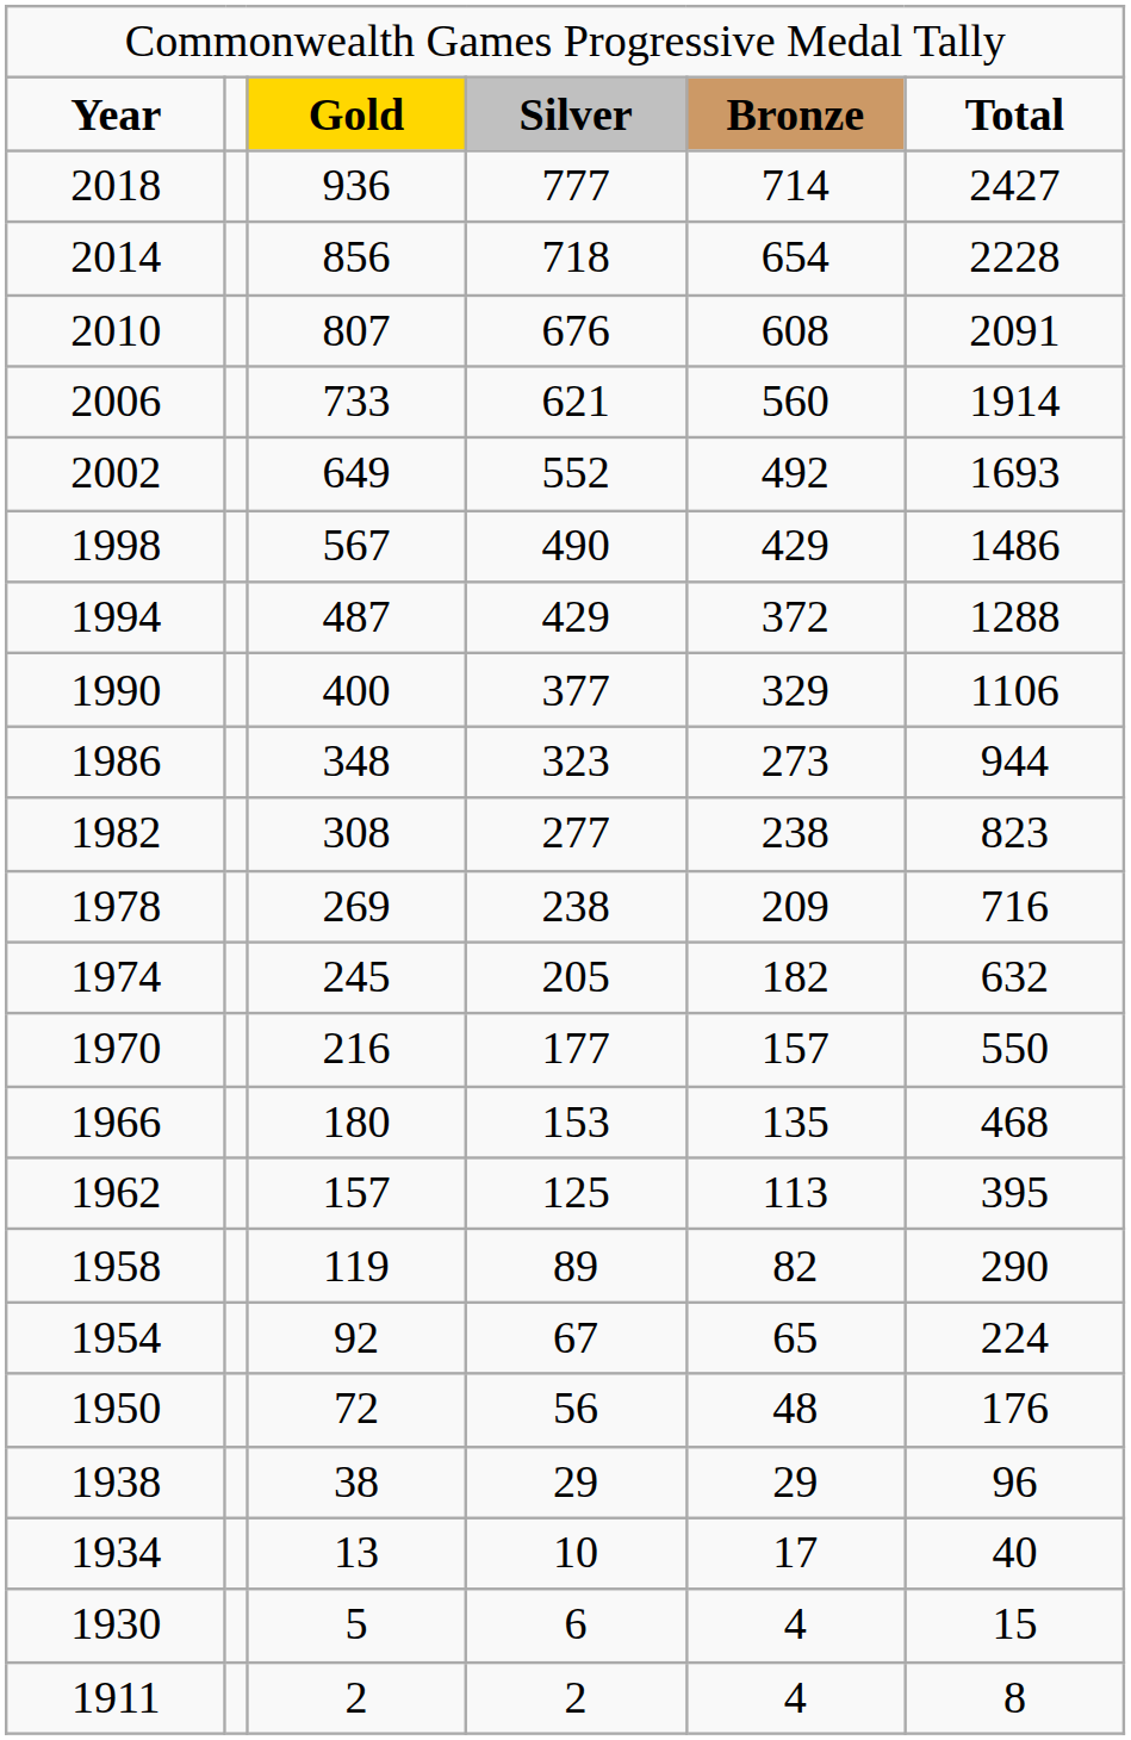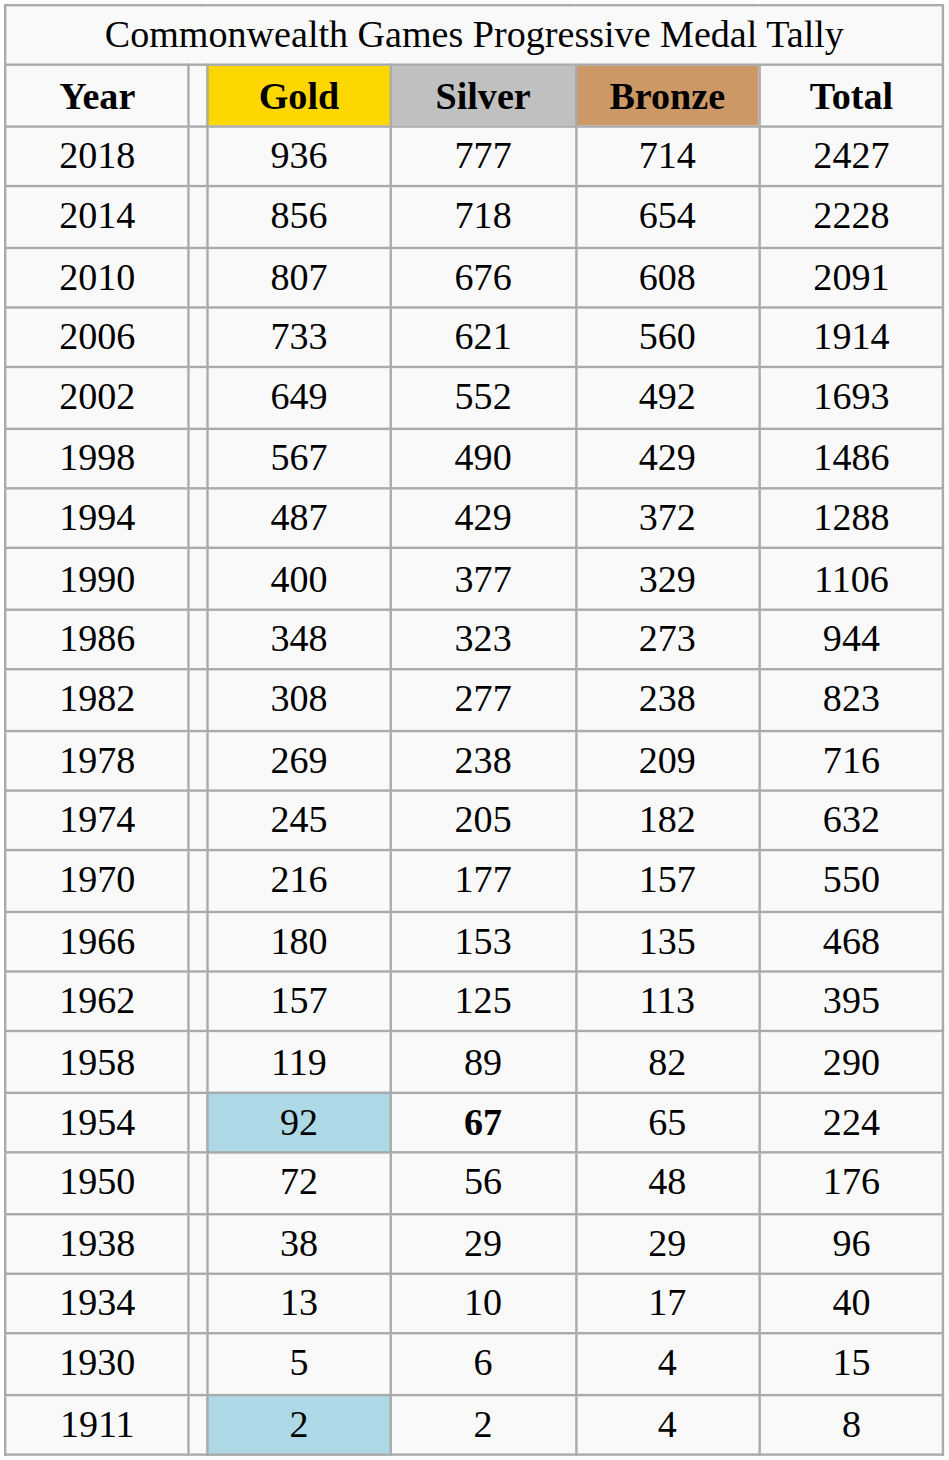 <table class="wikitable" style="text-align:center">
 <tr>
 <td colspan="6">Commonwealth Games Progressive Medal Tally</td>
 </tr>
 <tr>
 <td width="70" align="center"><strong>Year</strong></td>
 <td></td>
 <td width="70" align="center" bgcolor="gold"> <strong>Gold</strong></td>
 <td width="70" align="center" bgcolor="silver"> <strong>Silver</strong></td>
 <td width="70" align="center" bgcolor="cc9966"> <strong>Bronze</strong></td>
 <td width="70" align="center"><strong>Total</strong></td>
 </tr>
 <tr>
 <td>2018</td>
 <td></td>
 <td>936</td>
 <td>777</td>
 <td>714</td>
 <td>2427</td>
 </tr>
 <tr>
 <td>2014</td>
 <td></td>
 <td>856</td>
 <td>718</td>
 <td>654</td>
 <td>2228</td>
 </tr>
 <tr>
 <td>2010</td>
 <td></td>
 <td>807</td>
 <td>676</td>
 <td>608</td>
 <td>2091</td>
 </tr>
 <tr>
 <td>2006</td>
 <td></td>
 <td>733</td>
 <td>621</td>
 <td>560</td>
 <td>1914</td>
 </tr>
 <tr>
 <td>2002</td>
 <td></td>
 <td>649</td>
 <td>552</td>
 <td>492</td>
 <td>1693</td>
 </tr>
 <tr>
 <td>1998</td>
 <td></td>
 <td>567</td>
 <td>490</td>
 <td>429</td>
 <td>1486</td>
 </tr>
 <tr>
 <td>1994</td>
 <td></td>
 <td>487</td>
 <td>429</td>
 <td>372</td>
 <td>1288</td>
 </tr>
 <tr>
 <td>1990</td>
 <td></td>
 <td>400</td>
 <td>377</td>
 <td>329</td>
 <td>1106</td>
 </tr>
 <tr>
 <td>1986</td>
 <td></td>
 <td>348</td>
 <td>323</td>
 <td>273</td>
 <td>944</td>
 </tr>
 <tr>
 <td>1982</td>
 <td></td>
 <td>308</td>
 <td>277</td>
 <td>238</td>
 <td>823</td>
 </tr>
 <tr>
 <td>1978</td>
 <td></td>
 <td>269</td>
 <td>238</td>
 <td>209</td>
 <td>716</td>
 </tr>
 <tr>
 <td>1974</td>
 <td></td>
 <td>245</td>
 <td>205</td>
 <td>182</td>
 <td>632</td>
 </tr>
 <tr>
 <td>1970</td>
 <td></td>
 <td>216</td>
 <td>177</td>
 <td>157</td>
 <td>550</td>
 </tr>
 <tr>
 <td>1966</td>
 <td></td>
 <td>180</td>
 <td>153</td>
 <td>135</td>
 <td>468</td>
 </tr>
 <tr>
 <td>1962</td>
 <td></td>
 <td>157</td>
 <td>125</td>
 <td>113</td>
 <td>395</td>
 </tr>
 <tr>
 <td>1958</td>
 <td></td>
 <td>119</td>
 <td>89</td>
 <td>82</td>
 <td>290</td>
 </tr>
 <tr>
 <td>1954</td>
 <td></td>
-<td>92</td>
-<td>67</td>
+<td style="background: lightblue;">92</td>
+<td><strong>67</strong></td>
 <td>65</td>
 <td>224</td>
 </tr>
 <tr>
 <td>1950</td>
 <td></td>
 <td>72</td>
 <td>56</td>
 <td>48</td>
 <td>176</td>
 </tr>
 <tr>
 <td>1938</td>
 <td></td>
 <td>38</td>
 <td>29</td>
 <td>29</td>
 <td>96</td>
 </tr>
 <tr>
 <td>1934</td>
 <td></td>
 <td>13</td>
 <td>10</td>
 <td>17</td>
 <td>40</td>
 </tr>
 <tr>
 <td>1930</td>
 <td></td>
 <td>5</td>
 <td>6</td>
 <td>4</td>
 <td>15</td>
 </tr>
 <tr>
 <td>1911</td>
 <td></td>
-<td>2</td>
+<td style="background: lightblue;">2</td>
 <td>2</td>
 <td>4</td>
 <td>8</td>
 </tr>
 </table>
